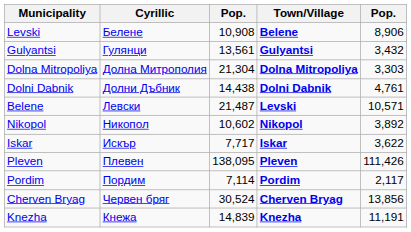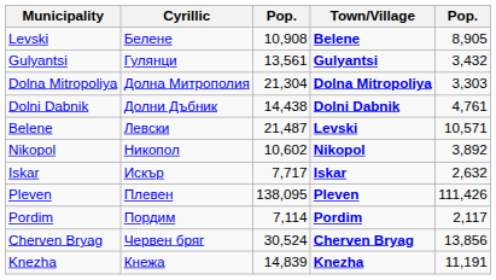 <table class="wikitable sortable">
 <tr>
 <th>Municipality</th>
 <th>Cyrillic</th>
 <th>Pop.</th>
 <th>Town/Village</th>
 <th>Pop.</th>
 </tr>
 <tr>
 <td><a href='#'>Levski</a></td>
 <td><a href='#'>Белене</a></td>
 <td align="right">10,908</td>
 <td><strong><a href='#'>Belene</a></strong></td>
-<td align="right">8,906</td>
+<td align="right">8,905</td>
 </tr>
 <tr>
 <td><a href='#'>Gulyantsi</a></td>
 <td><a href='#'>Гулянци</a></td>
 <td align="right">13,561</td>
 <td><strong><a href='#'>Gulyantsi</a></strong></td>
 <td align="right">3,432</td>
 </tr>
 <tr>
 <td><a href='#'>Dolna Mitropoliya</a></td>
 <td><a href='#'>Долна Митрополия</a></td>
 <td align="right">21,304</td>
 <td><strong><a href='#'>Dolna Mitropoliya</a></strong></td>
 <td align="right">3,303</td>
 </tr>
 <tr>
 <td><a href='#'>Dolni Dabnik</a></td>
 <td><a href='#'>Долни Дъбник</a></td>
 <td align="right">14,438</td>
 <td><strong><a href='#'>Dolni Dabnik</a></strong></td>
 <td align="right">4,761</td>
 </tr>
 <tr>
 <td><a href='#'>Belene</a></td>
 <td><a href='#'>Левски</a></td>
 <td align="right">21,487</td>
 <td><strong><a href='#'>Levski</a></strong></td>
 <td align="right">10,571</td>
 </tr>
 <tr>
 <td><a href='#'>Nikopol</a></td>
 <td><a href='#'>Никопол</a></td>
 <td align="right">10,602</td>
 <td><strong><a href='#'>Nikopol</a></strong></td>
 <td align="right">3,892</td>
 </tr>
 <tr>
 <td><a href='#'>Iskar</a></td>
 <td><a href='#'>Искър</a></td>
 <td align="right">7,717</td>
 <td><strong><a href='#'>Iskar</a></strong></td>
-<td align="right">3,622</td>
+<td align="right">2,632</td>
 </tr>
 <tr>
 <td><a href='#'>Pleven</a></td>
 <td><a href='#'>Плевен</a></td>
 <td align="right">138,095</td>
 <td><strong><a href='#'>Pleven</a></strong></td>
 <td align="right">111,426</td>
 </tr>
 <tr>
 <td><a href='#'>Pordim</a></td>
 <td><a href='#'>Пордим</a></td>
 <td align="right">7,114</td>
 <td><strong><a href='#'>Pordim</a></strong></td>
 <td align="right">2,117</td>
 </tr>
 <tr>
 <td><a href='#'>Cherven Bryag</a></td>
 <td><a href='#'>Червен бряг</a></td>
 <td align="right">30,524</td>
 <td><strong><a href='#'>Cherven Bryag</a></strong></td>
 <td align="right">13,856</td>
 </tr>
 <tr>
 <td><a href='#'>Knezha</a></td>
 <td><a href='#'>Кнежа</a></td>
 <td align="right">14,839</td>
 <td><strong><a href='#'>Knezha</a></strong></td>
 <td align="right">11,191</td>
 </tr>
 </table>
